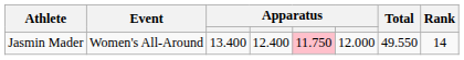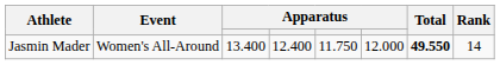 <table class="wikitable" style="font-size:90%">
 <tr>
 <th rowspan=2>Athlete</th>
 <th rowspan=2>Event</th>
 <th colspan=4>Apparatus</th>
 <th rowspan=2>Total</th>
 <th rowspan=2>Rank</th>
 </tr>
 <tr style="font-size:95%">
 <th></th>
 <th></th>
 <th></th>
 <th></th>
 </tr>
 <tr align=center>
 <td align=left>Jasmin Mader</td>
 <td align=left>Women's All-Around</td>
 <td>13.400</td>
 <td>12.400</td>
-<td style="background: pink;">11.750</td>
+<td>11.750</td>
 <td>12.000</td>
-<td>49.550</td>
+<td><strong>49.550</strong></td>
 <td>14</td>
 </tr>
 </table>
